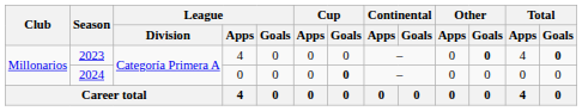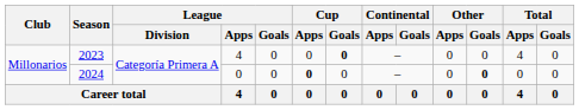 <table class=wikitable style=text-align:center>
 <tr>
 <th rowspan="2">Club</th>
 <th rowspan="2">Season</th>
 <th colspan="3">League</th>
 <th colspan="2">Cup</th>
 <th colspan="2">Continental</th>
 <th colspan="2">Other</th>
 <th colspan="2">Total</th>
 </tr>
 <tr>
 <th>Division</th>
 <th>Apps</th>
 <th>Goals</th>
 <th>Apps</th>
 <th>Goals</th>
 <th>Apps</th>
 <th>Goals</th>
 <th>Apps</th>
 <th>Goals</th>
 <th>Apps</th>
 <th>Goals</th>
 </tr>
 <tr>
 <td rowspan="2"><a href='#'>Millonarios</a></td>
 <td><a href='#'>2023</a></td>
 <td rowspan="2"><a href='#'>Categoría Primera A</a></td>
 <td>4</td>
 <td>0</td>
 <td>0</td>
-<td>0</td>
+<td><strong>0</strong></td>
 <td colspan="2">–</td>
 <td>0</td>
-<td><strong>0</strong></td>
+<td>0</td>
 <td>4</td>
-<td><strong>0</strong></td>
+<td>0</td>
 </tr>
 <tr>
 <td><a href='#'>2024</a></td>
 <td>0</td>
 <td>0</td>
+<td><strong>0</strong></td>
+<td>0</td>
+<td colspan="2">–</td>
 <td>0</td>
 <td><strong>0</strong></td>
-<td colspan="2">–</td>
-<td>0</td>
-<td>0</td>
 <td>0</td>
 <td>0</td>
 </tr>
 <tr>
 <th colspan="3"><strong>Career total</strong></th>
 <th>4</th>
 <th>0</th>
 <th>0</th>
 <th>0</th>
 <th>0</th>
 <th>0</th>
 <th>0</th>
 <th>0</th>
 <th>4</th>
 <th>0</th>
 </tr>
 </table>
